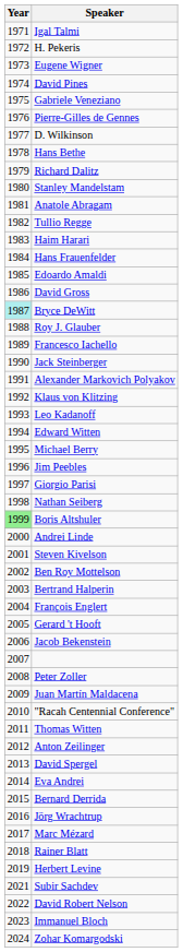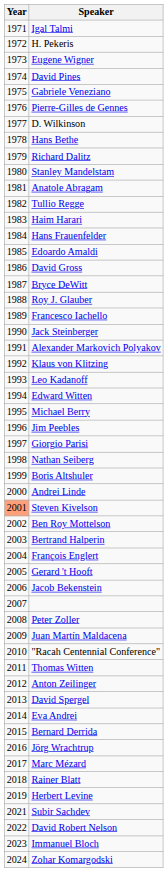 <table class="wikitable">
 <tr>
 <th>Year</th>
 <th>Speaker</th>
 </tr>
 <tr>
 <td>1971</td>
 <td><a href='#'>Igal Talmi</a></td>
 </tr>
 <tr>
 <td>1972</td>
 <td>H. Pekeris</td>
 </tr>
 <tr>
 <td>1973</td>
 <td><a href='#'>Eugene Wigner</a></td>
 </tr>
 <tr>
 <td>1974</td>
 <td><a href='#'>David Pines</a></td>
 </tr>
 <tr>
 <td>1975</td>
 <td><a href='#'>Gabriele Veneziano</a></td>
 </tr>
 <tr>
 <td>1976</td>
 <td><a href='#'>Pierre-Gilles de Gennes</a></td>
 </tr>
 <tr>
 <td>1977</td>
 <td>D. Wilkinson</td>
 </tr>
 <tr>
 <td>1978</td>
 <td><a href='#'>Hans Bethe</a></td>
 </tr>
 <tr>
 <td>1979</td>
 <td><a href='#'>Richard Dalitz</a></td>
 </tr>
 <tr>
 <td>1980</td>
 <td><a href='#'>Stanley Mandelstam</a></td>
 </tr>
 <tr>
 <td>1981</td>
 <td><a href='#'>Anatole Abragam</a></td>
 </tr>
 <tr>
 <td>1982</td>
 <td><a href='#'>Tullio Regge</a></td>
 </tr>
 <tr>
 <td>1983</td>
 <td><a href='#'>Haim Harari</a></td>
 </tr>
 <tr>
 <td>1984</td>
 <td><a href='#'>Hans Frauenfelder</a></td>
 </tr>
 <tr>
 <td>1985</td>
 <td><a href='#'>Edoardo Amaldi</a></td>
 </tr>
 <tr>
 <td>1986</td>
 <td><a href='#'>David Gross</a></td>
 </tr>
 <tr>
-<td style="background: paleturquoise;">1987</td>
+<td>1987</td>
 <td><a href='#'>Bryce DeWitt</a></td>
 </tr>
 <tr>
 <td>1988</td>
 <td><a href='#'>Roy J. Glauber</a></td>
 </tr>
 <tr>
 <td>1989</td>
 <td><a href='#'>Francesco Iachello</a></td>
 </tr>
 <tr>
 <td>1990</td>
 <td><a href='#'>Jack Steinberger</a></td>
 </tr>
 <tr>
 <td>1991</td>
 <td><a href='#'>Alexander Markovich Polyakov</a></td>
 </tr>
 <tr>
 <td>1992</td>
 <td><a href='#'>Klaus von Klitzing</a></td>
 </tr>
 <tr>
 <td>1993</td>
 <td><a href='#'>Leo Kadanoff</a></td>
 </tr>
 <tr>
 <td>1994</td>
 <td><a href='#'>Edward Witten</a></td>
 </tr>
 <tr>
 <td>1995</td>
 <td><a href='#'>Michael Berry</a></td>
 </tr>
 <tr>
 <td>1996</td>
 <td><a href='#'>Jim Peebles</a></td>
 </tr>
 <tr>
 <td>1997</td>
 <td><a href='#'>Giorgio Parisi</a></td>
 </tr>
 <tr>
 <td>1998</td>
 <td><a href='#'>Nathan Seiberg</a></td>
 </tr>
 <tr>
-<td style="background: lightgreen;">1999</td>
+<td>1999</td>
 <td><a href='#'>Boris Altshuler</a></td>
 </tr>
 <tr>
 <td>2000</td>
 <td><a href='#'>Andrei Linde</a></td>
 </tr>
 <tr>
-<td>2001</td>
+<td style="background: lightsalmon;">2001</td>
 <td><a href='#'>Steven Kivelson</a></td>
 </tr>
 <tr>
 <td>2002</td>
 <td><a href='#'>Ben Roy Mottelson</a></td>
 </tr>
 <tr>
 <td>2003</td>
 <td><a href='#'>Bertrand Halperin</a></td>
 </tr>
 <tr>
 <td>2004</td>
 <td><a href='#'>François Englert</a></td>
 </tr>
 <tr>
 <td>2005</td>
 <td><a href='#'>Gerard 't Hooft</a></td>
 </tr>
 <tr>
 <td>2006</td>
 <td><a href='#'>Jacob Bekenstein</a></td>
 </tr>
 <tr>
 <td>2007</td>
 <td></td>
 </tr>
 <tr>
 <td>2008</td>
 <td><a href='#'>Peter Zoller</a></td>
 </tr>
 <tr>
 <td>2009</td>
 <td><a href='#'>Juan Martín Maldacena</a></td>
 </tr>
 <tr>
 <td>2010</td>
 <td>"Racah Centennial Conference"</td>
 </tr>
 <tr>
 <td>2011</td>
 <td><a href='#'>Thomas Witten</a></td>
 </tr>
 <tr>
 <td>2012</td>
 <td><a href='#'>Anton Zeilinger</a></td>
 </tr>
 <tr>
 <td>2013</td>
 <td><a href='#'>David Spergel</a></td>
 </tr>
 <tr>
 <td>2014</td>
 <td><a href='#'>Eva Andrei</a></td>
 </tr>
 <tr>
 <td>2015</td>
 <td><a href='#'>Bernard Derrida</a></td>
 </tr>
 <tr>
 <td>2016</td>
 <td><a href='#'>Jörg Wrachtrup</a></td>
 </tr>
 <tr>
 <td>2017</td>
 <td><a href='#'>Marc Mézard</a></td>
 </tr>
 <tr>
 <td>2018</td>
 <td><a href='#'>Rainer Blatt</a></td>
 </tr>
 <tr>
 <td>2019</td>
 <td><a href='#'>Herbert Levine</a></td>
 </tr>
 <tr>
 <td>2021</td>
 <td><a href='#'>Subir Sachdev</a></td>
 </tr>
 <tr>
 <td>2022</td>
 <td><a href='#'>David Robert Nelson</a></td>
 </tr>
 <tr>
 <td>2023</td>
 <td><a href='#'>Immanuel Bloch</a></td>
 </tr>
 <tr>
 <td>2024</td>
 <td><a href='#'>Zohar Komargodski </a></td>
 </tr>
 </table>
